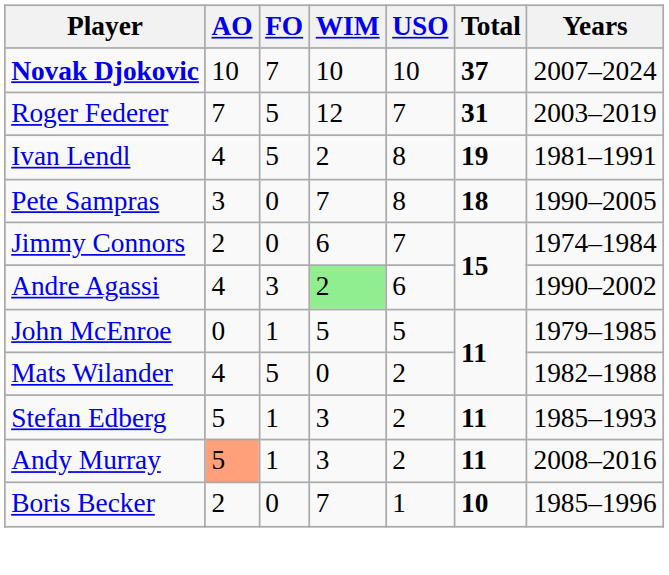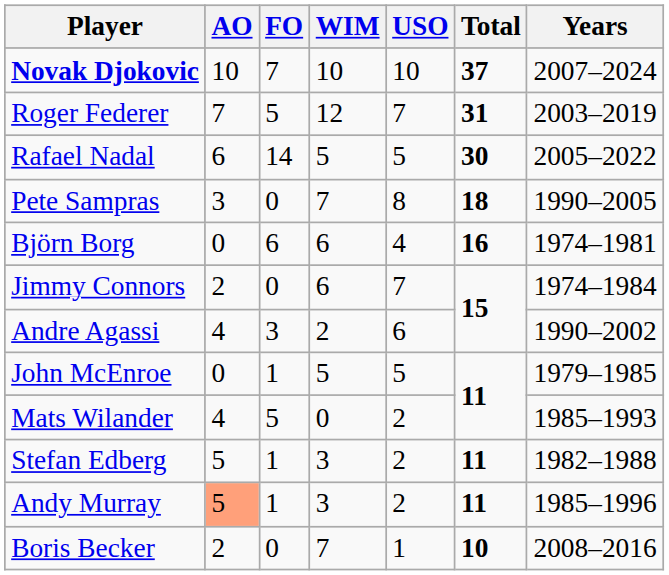 <table class="wikitable mw-datatable sortable" style="display:inline-table;">
 <tr>
 <th scope="col">Player</th>
 <th scope="col"><a href='#'>AO</a></th>
 <th scope="col"><a href='#'>FO</a></th>
 <th scope="col"><a href='#'>WIM</a></th>
 <th scope="col"><a href='#'>USO</a></th>
 <th scope="col">Total</th>
 <th scope="col">Years</th>
 </tr>
 <tr>
 <td> <strong><a href='#'>Novak Djokovic</a></strong></td>
 <td>10</td>
 <td>7</td>
 <td>10</td>
 <td>10</td>
 <td><strong>37</strong></td>
 <td>2007–2024</td>
 </tr>
 <tr>
 <td> <a href='#'>Roger Federer</a></td>
 <td>7</td>
 <td>5</td>
 <td>12</td>
 <td>7</td>
 <td><strong>31</strong></td>
 <td>2003–2019</td>
 </tr>
 <tr>
-<td> <a href='#'>Ivan Lendl</a></td>
-<td>4</td>
+<td> <a href='#'>Rafael Nadal</a></td>
+<td>6</td>
+<td>14</td>
 <td>5</td>
-<td>2</td>
-<td>8</td>
-<td><strong>19</strong></td>
-<td>1981–1991</td>
+<td>5</td>
+<td><strong>30</strong></td>
+<td>2005–2022</td>
 </tr>
 <tr>
 <td> <a href='#'>Pete Sampras</a></td>
 <td>3</td>
 <td>0</td>
 <td>7</td>
 <td>8</td>
 <td><strong>18</strong></td>
 <td>1990–2005</td>
+</tr>
+<tr>
+<td> <a href='#'>Björn Borg</a></td>
+<td>0</td>
+<td>6</td>
+<td>6</td>
+<td>4</td>
+<td><strong>16</strong></td>
+<td>1974–1981</td>
 </tr>
 <tr>
 <td> <a href='#'>Jimmy Connors</a></td>
 <td>2</td>
 <td>0</td>
 <td>6</td>
 <td>7</td>
 <td rowspan=2><strong>15</strong></td>
 <td>1974–1984</td>
 </tr>
 <tr>
 <td> <a href='#'>Andre Agassi</a></td>
 <td>4</td>
 <td>3</td>
-<td style="background: lightgreen;">2</td>
+<td>2</td>
 <td>6</td>
 <td>1990–2002</td>
 </tr>
 <tr>
 <td> <a href='#'>John McEnroe</a></td>
 <td>0</td>
 <td>1</td>
 <td>5</td>
 <td>5</td>
 <td rowspan=2><strong>11</strong></td>
 <td>1979–1985</td>
 </tr>
 <tr>
 <td> <a href='#'>Mats Wilander</a></td>
 <td>4</td>
 <td>5</td>
 <td>0</td>
 <td>2</td>
-<td>1982–1988</td>
+<td>1985–1993</td>
 </tr>
 <tr>
 <td> <a href='#'>Stefan Edberg</a></td>
 <td>5</td>
 <td>1</td>
 <td>3</td>
 <td>2</td>
 <td><strong>11</strong></td>
-<td>1985–1993</td>
+<td>1982–1988</td>
 </tr>
 <tr>
 <td> <a href='#'>Andy Murray</a></td>
 <td style="background: lightsalmon;">5</td>
 <td>1</td>
 <td>3</td>
 <td>2</td>
 <td><strong>11</strong></td>
-<td>2008–2016</td>
+<td>1985–1996</td>
 </tr>
 <tr>
 <td> <a href='#'>Boris Becker</a></td>
 <td>2</td>
 <td>0</td>
 <td>7</td>
 <td>1</td>
 <td><strong>10</strong></td>
-<td>1985–1996</td>
+<td>2008–2016</td>
 </tr>
 </table>
